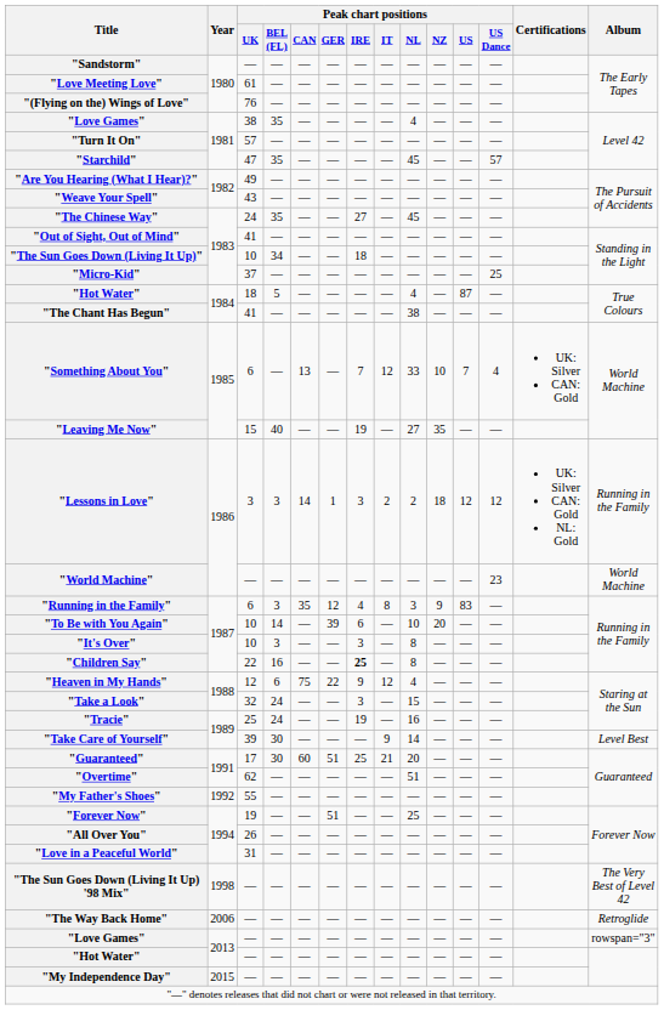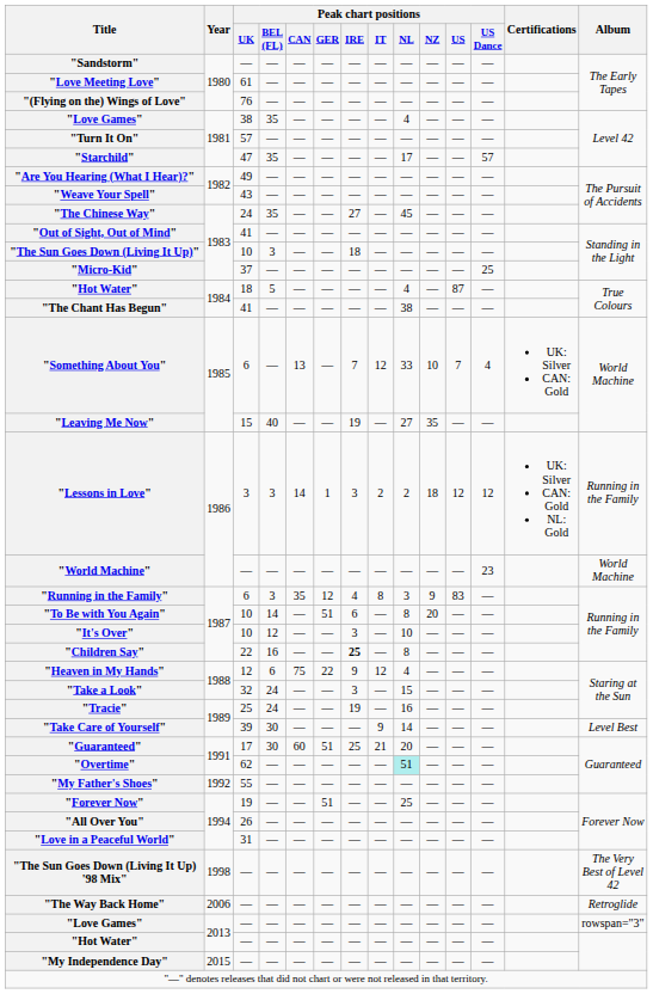 <table class="wikitable plainrowheaders" style="text-align:center;">
 <tr>
 <th rowspan="2" scope="col" style="width:17em;">Title</th>
 <th rowspan="2" scope="col" style="width:2em;">Year</th>
 <th colspan="10">Peak chart positions</th>
 <th rowspan="2">Certifications</th>
 <th rowspan="2">Album</th>
 </tr>
 <tr>
 <th scope="col" style="width:2em;font-size:90%;"><a href='#'>UK</a><br></th>
 <th scope="col" style="width:2em;font-size:90%;"><a href='#'>BEL (FL)</a><br></th>
 <th scope="col" style="width:2em;font-size:90%;"><a href='#'>CAN</a><br></th>
 <th scope="col" style="width:2em;font-size:90%;"><a href='#'>GER</a><br></th>
 <th scope="col" style="width:2em;font-size:90%;"><a href='#'>IRE</a><br></th>
 <th scope="col" style="width:2em;font-size:90%;"><a href='#'>IT</a><br></th>
 <th scope="col" style="width:2em;font-size:90%;"><a href='#'>NL</a><br></th>
 <th scope="col" style="width:2em;font-size:90%;"><a href='#'>NZ</a><br></th>
 <th scope="col" style="width:2em;font-size:90%;"><a href='#'>US</a><br></th>
 <th scope="col" style="width:2em;font-size:90%;"><a href='#'>US Dance</a><br></th>
 </tr>
 <tr>
 <th scope="row">"Sandstorm"</th>
 <td rowspan="3">1980</td>
 <td>—</td>
 <td>—</td>
 <td>—</td>
 <td>—</td>
 <td>—</td>
 <td>—</td>
 <td>—</td>
 <td>—</td>
 <td>—</td>
 <td>—</td>
 <td></td>
 <td rowspan="3"><em>The Early Tapes</em></td>
 </tr>
 <tr>
 <th scope="row">"<a href='#'>Love Meeting Love</a>"</th>
 <td>61</td>
 <td>—</td>
 <td>—</td>
 <td>—</td>
 <td>—</td>
 <td>—</td>
 <td>—</td>
 <td>—</td>
 <td>—</td>
 <td>—</td>
 <td></td>
 </tr>
 <tr>
 <th scope="row">"(Flying on the) Wings of Love"</th>
 <td>76</td>
 <td>—</td>
 <td>—</td>
 <td>—</td>
 <td>—</td>
 <td>—</td>
 <td>—</td>
 <td>—</td>
 <td>—</td>
 <td>—</td>
 <td></td>
 </tr>
 <tr>
 <th scope="row">"<a href='#'>Love Games</a>"</th>
 <td rowspan="3">1981</td>
 <td>38</td>
 <td>35</td>
 <td>—</td>
 <td>—</td>
 <td>—</td>
 <td>—</td>
 <td>4</td>
 <td>—</td>
 <td>—</td>
 <td>—</td>
 <td></td>
 <td rowspan="3"><em>Level 42</em></td>
 </tr>
 <tr>
 <th scope="row">"Turn It On"</th>
 <td>57</td>
 <td>—</td>
 <td>—</td>
 <td>—</td>
 <td>—</td>
 <td>—</td>
 <td>—</td>
 <td>—</td>
 <td>—</td>
 <td>—</td>
 <td></td>
 </tr>
 <tr>
 <th scope="row">"<a href='#'>Starchild</a>"</th>
 <td>47</td>
 <td>35</td>
 <td>—</td>
 <td>—</td>
 <td>—</td>
 <td>—</td>
-<td>45</td>
+<td>17</td>
 <td>—</td>
 <td>—</td>
 <td>57</td>
 <td></td>
 </tr>
 <tr>
 <th scope="row">"<a href='#'>Are You Hearing (What I Hear)?</a>"</th>
 <td rowspan="2">1982</td>
 <td>49</td>
 <td>—</td>
 <td>—</td>
 <td>—</td>
 <td>—</td>
 <td>—</td>
 <td>—</td>
 <td>—</td>
 <td>—</td>
 <td>—</td>
 <td></td>
 <td rowspan="3"><em>The Pursuit of Accidents</em></td>
 </tr>
 <tr>
 <th scope="row">"<a href='#'>Weave Your Spell</a>"</th>
 <td>43</td>
 <td>—</td>
 <td>—</td>
 <td>—</td>
 <td>—</td>
 <td>—</td>
 <td>—</td>
 <td>—</td>
 <td>—</td>
 <td>—</td>
 <td></td>
 </tr>
 <tr>
 <th scope="row">"<a href='#'>The Chinese Way</a>"</th>
 <td rowspan="4">1983</td>
 <td>24</td>
 <td>35</td>
 <td>—</td>
 <td>—</td>
 <td>27</td>
 <td>—</td>
 <td>45</td>
 <td>—</td>
 <td>—</td>
 <td>—</td>
 <td></td>
 </tr>
 <tr>
 <th scope="row">"<a href='#'>Out of Sight, Out of Mind</a>"</th>
 <td>41</td>
 <td>—</td>
 <td>—</td>
 <td>—</td>
 <td>—</td>
 <td>—</td>
 <td>—</td>
 <td>—</td>
 <td>—</td>
 <td>—</td>
 <td></td>
 <td rowspan="3"><em>Standing in the Light</em></td>
 </tr>
 <tr>
 <th scope="row">"<a href='#'>The Sun Goes Down (Living It Up)</a>"</th>
 <td>10</td>
-<td>34</td>
+<td>3</td>
 <td>—</td>
 <td>—</td>
 <td>18</td>
 <td>—</td>
 <td>—</td>
 <td>—</td>
 <td>—</td>
 <td>—</td>
 <td></td>
 </tr>
 <tr>
 <th scope="row">"<a href='#'>Micro-Kid</a>"</th>
 <td>37</td>
 <td>—</td>
 <td>—</td>
 <td>—</td>
 <td>—</td>
 <td>—</td>
 <td>—</td>
 <td>—</td>
 <td>—</td>
 <td>25</td>
 <td></td>
 </tr>
 <tr>
 <th scope="row">"<a href='#'>Hot Water</a>"</th>
 <td rowspan="2">1984</td>
 <td>18</td>
 <td>5</td>
 <td>—</td>
 <td>—</td>
 <td>—</td>
 <td>—</td>
 <td>4</td>
 <td>—</td>
 <td>87</td>
 <td>—</td>
 <td></td>
 <td rowspan="2"><em>True Colours</em></td>
 </tr>
 <tr>
 <th scope="row">"The Chant Has Begun"</th>
 <td>41</td>
 <td>—</td>
 <td>—</td>
 <td>—</td>
 <td>—</td>
 <td>—</td>
 <td>38</td>
 <td>—</td>
 <td>—</td>
 <td>—</td>
 <td></td>
 </tr>
 <tr>
 <th scope="row">"<a href='#'>Something About You</a>"</th>
 <td rowspan="2">1985</td>
 <td>6</td>
 <td>—</td>
 <td>13</td>
 <td>—</td>
 <td>7</td>
 <td>12</td>
 <td>33</td>
 <td>10</td>
 <td>7</td>
 <td>4</td>
 <td><br><ul><li>UK: Silver</li><li>CAN: Gold</li></ul></td>
 <td rowspan="2"><em>World Machine</em></td>
 </tr>
 <tr>
 <th scope="row">"<a href='#'>Leaving Me Now</a>"</th>
 <td>15</td>
 <td>40</td>
 <td>—</td>
 <td>—</td>
 <td>19</td>
 <td>—</td>
 <td>27</td>
 <td>35</td>
 <td>—</td>
 <td>—</td>
 <td></td>
 </tr>
 <tr>
 <th scope="row">"<a href='#'>Lessons in Love</a>"</th>
 <td rowspan="2">1986</td>
 <td>3</td>
 <td>3</td>
 <td>14</td>
 <td>1</td>
 <td>3</td>
 <td>2</td>
 <td>2</td>
 <td>18</td>
 <td>12</td>
 <td>12</td>
 <td><br><ul><li>UK: Silver</li><li>CAN: Gold</li><li>NL: Gold</li></ul></td>
 <td><em>Running in the Family</em></td>
 </tr>
 <tr>
 <th scope="row">"<a href='#'>World Machine</a>" </th>
 <td>—</td>
 <td>—</td>
 <td>—</td>
 <td>—</td>
 <td>—</td>
 <td>—</td>
 <td>—</td>
 <td>—</td>
 <td>—</td>
 <td>23</td>
 <td></td>
 <td><em>World Machine</em></td>
 </tr>
 <tr>
 <th scope="row">"<a href='#'>Running in the Family</a>"</th>
 <td rowspan="4">1987</td>
 <td>6</td>
 <td>3</td>
 <td>35</td>
 <td>12</td>
 <td>4</td>
 <td>8</td>
 <td>3</td>
 <td>9</td>
 <td>83</td>
 <td>—</td>
 <td></td>
 <td rowspan="4"><em>Running in the Family</em></td>
 </tr>
 <tr>
 <th scope="row">"<a href='#'>To Be with You Again</a>"</th>
 <td>10</td>
 <td>14</td>
 <td>—</td>
-<td>39</td>
+<td>51</td>
 <td>6</td>
 <td>—</td>
-<td>10</td>
+<td>8</td>
 <td>20</td>
 <td>—</td>
 <td>—</td>
 <td></td>
 </tr>
 <tr>
 <th scope="row">"<a href='#'>It's Over</a>"</th>
 <td>10</td>
-<td>3</td>
+<td>12</td>
 <td>—</td>
 <td>—</td>
 <td>3</td>
 <td>—</td>
-<td>8</td>
+<td>10</td>
 <td>—</td>
 <td>—</td>
 <td>—</td>
 <td></td>
 </tr>
 <tr>
 <th scope="row">"<a href='#'>Children Say</a>"</th>
 <td>22</td>
 <td>16</td>
 <td>—</td>
 <td>—</td>
 <td><strong>25</strong></td>
 <td>—</td>
 <td>8</td>
 <td>—</td>
 <td>—</td>
 <td>—</td>
 <td></td>
 </tr>
 <tr>
 <th scope="row">"<a href='#'>Heaven in My Hands</a>"</th>
 <td rowspan="2">1988</td>
 <td>12</td>
 <td>6</td>
 <td>75</td>
 <td>22</td>
 <td>9</td>
 <td>12</td>
 <td>4</td>
 <td>—</td>
 <td>—</td>
 <td>—</td>
 <td></td>
 <td rowspan="3"><em>Staring at the Sun</em></td>
 </tr>
 <tr>
 <th scope="row">"<a href='#'>Take a Look</a>"</th>
 <td>32</td>
 <td>24</td>
 <td>—</td>
 <td>—</td>
 <td>3</td>
 <td>—</td>
 <td>15</td>
 <td>—</td>
 <td>—</td>
 <td>—</td>
 <td></td>
 </tr>
 <tr>
 <th scope="row">"<a href='#'>Tracie</a>"</th>
 <td rowspan="2">1989</td>
 <td>25</td>
 <td>24</td>
 <td>—</td>
 <td>—</td>
 <td>19</td>
 <td>—</td>
 <td>16</td>
 <td>—</td>
 <td>—</td>
 <td>—</td>
 <td></td>
 </tr>
 <tr>
 <th scope="row">"<a href='#'>Take Care of Yourself</a>"</th>
 <td>39</td>
 <td>30</td>
 <td>—</td>
 <td>—</td>
 <td>—</td>
 <td>9</td>
 <td>14</td>
 <td>—</td>
 <td>—</td>
 <td>—</td>
 <td></td>
 <td><em>Level Best</em></td>
 </tr>
 <tr>
 <th scope="row">"<a href='#'>Guaranteed</a>"</th>
 <td rowspan="2">1991</td>
 <td>17</td>
 <td>30</td>
 <td>60</td>
 <td>51</td>
 <td>25</td>
 <td>21</td>
 <td>20</td>
 <td>—</td>
 <td>—</td>
 <td>—</td>
 <td></td>
 <td rowspan="3"><em>Guaranteed</em></td>
 </tr>
 <tr>
 <th scope="row">"<a href='#'>Overtime</a>"</th>
 <td>62</td>
 <td>—</td>
 <td>—</td>
 <td>—</td>
 <td>—</td>
 <td>—</td>
-<td>51</td>
+<td style="background: paleturquoise;">51</td>
 <td>—</td>
 <td>—</td>
 <td>—</td>
 <td></td>
 </tr>
 <tr>
 <th scope="row">"<a href='#'>My Father's Shoes</a>"</th>
 <td>1992</td>
 <td>55</td>
 <td>—</td>
 <td>—</td>
 <td>—</td>
 <td>—</td>
 <td>—</td>
 <td>—</td>
 <td>—</td>
 <td>—</td>
 <td>—</td>
 <td></td>
 </tr>
 <tr>
 <th scope="row">"<a href='#'>Forever Now</a>"</th>
 <td rowspan="3">1994</td>
 <td>19</td>
 <td>—</td>
 <td>—</td>
 <td>51</td>
 <td>—</td>
 <td>—</td>
 <td>25</td>
 <td>—</td>
 <td>—</td>
 <td>—</td>
 <td></td>
 <td rowspan="3"><em>Forever Now</em></td>
 </tr>
 <tr>
 <th scope="row">"All Over You"</th>
 <td>26</td>
 <td>—</td>
 <td>—</td>
 <td>—</td>
 <td>—</td>
 <td>—</td>
 <td>—</td>
 <td>—</td>
 <td>—</td>
 <td>—</td>
 <td></td>
 </tr>
 <tr>
 <th scope="row">"<a href='#'>Love in a Peaceful World</a>"</th>
 <td>31</td>
 <td>—</td>
 <td>—</td>
 <td>—</td>
 <td>—</td>
 <td>—</td>
 <td>—</td>
 <td>—</td>
 <td>—</td>
 <td>—</td>
 <td></td>
 </tr>
 <tr>
 <th scope="row">"The Sun Goes Down (Living It Up) '98 Mix"</th>
 <td>1998</td>
 <td>—</td>
 <td>—</td>
 <td>—</td>
 <td>—</td>
 <td>—</td>
 <td>—</td>
 <td>—</td>
 <td>—</td>
 <td>—</td>
 <td>—</td>
 <td></td>
 <td><em>The Very Best of Level 42</em></td>
 </tr>
 <tr>
 <th scope="row">"The Way Back Home"</th>
 <td>2006</td>
 <td>—</td>
 <td>—</td>
 <td>—</td>
 <td>—</td>
 <td>—</td>
 <td>—</td>
 <td>—</td>
 <td>—</td>
 <td>—</td>
 <td>—</td>
 <td></td>
 <td><em>Retroglide</em></td>
 </tr>
 <tr>
 <th scope="row">"Love Games" </th>
 <td rowspan="2">2013</td>
 <td>—</td>
 <td>—</td>
 <td>—</td>
 <td>—</td>
 <td>—</td>
 <td>—</td>
 <td>—</td>
 <td>—</td>
 <td>—</td>
 <td>—</td>
 <td></td>
 <td>rowspan="3" </td>
 </tr>
 <tr>
 <th scope="row">"Hot Water" </th>
 <td>—</td>
 <td>—</td>
 <td>—</td>
 <td>—</td>
 <td>—</td>
 <td>—</td>
 <td>—</td>
 <td>—</td>
 <td>—</td>
 <td>—</td>
 <td></td>
 </tr>
 <tr>
 <th scope="row">"My Independence Day"</th>
 <td>2015</td>
 <td>—</td>
 <td>—</td>
 <td>—</td>
 <td>—</td>
 <td>—</td>
 <td>—</td>
 <td>—</td>
 <td>—</td>
 <td>—</td>
 <td>—</td>
 <td></td>
 </tr>
 <tr>
 <td colspan="14" style="font-size:90%">"—" denotes releases that did not chart or were not released in that territory.</td>
 </tr>
 </table>
